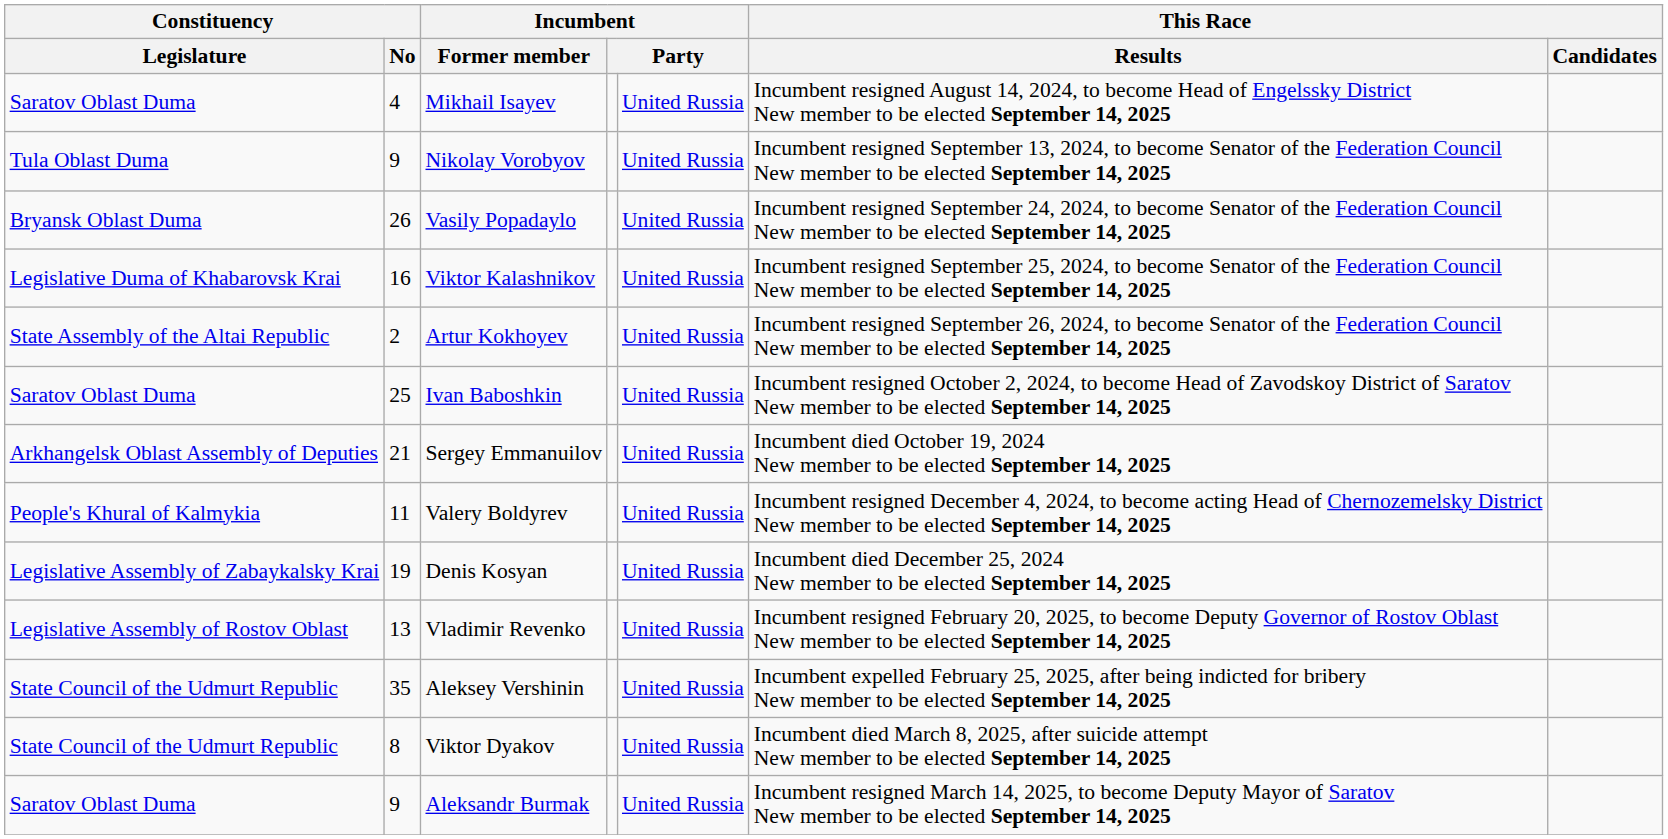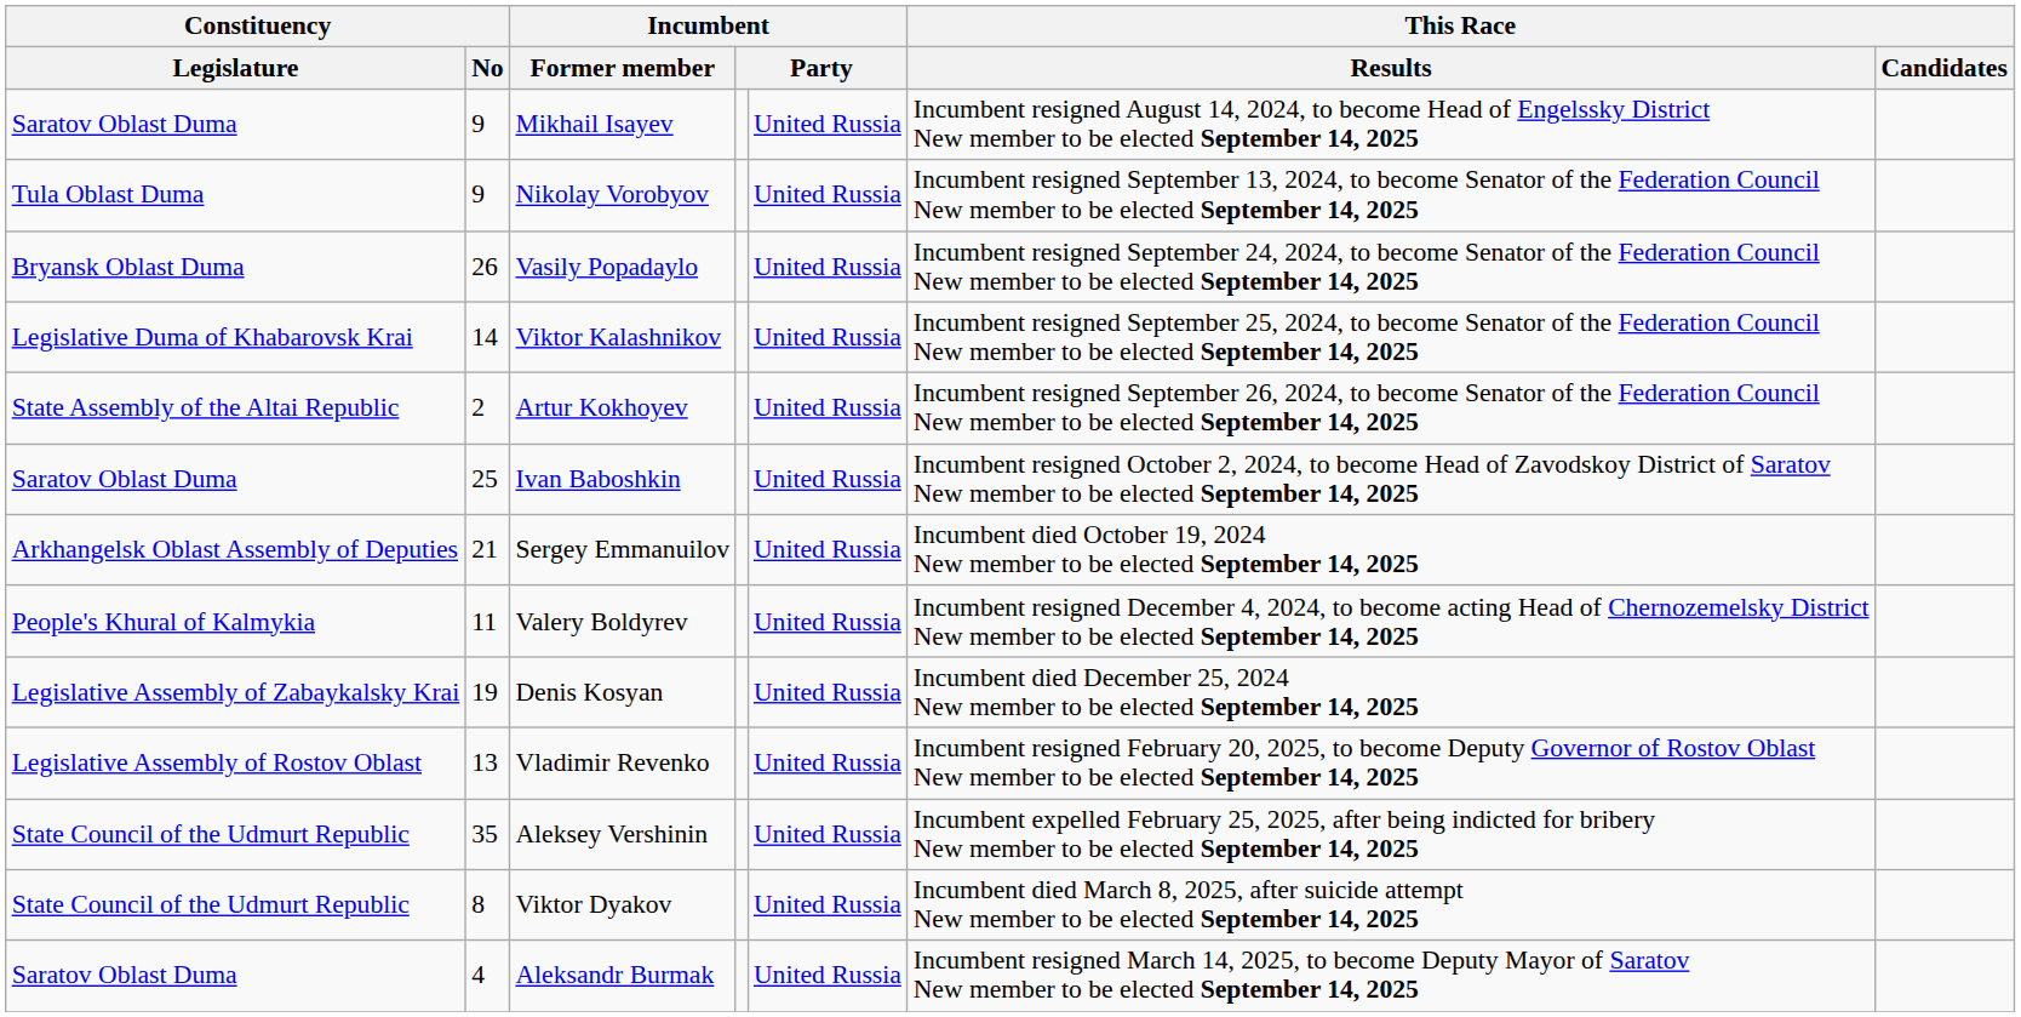 <table class="wikitable">
 <tr>
 <th colspan=2>Constituency</th>
 <th colspan=3>Incumbent</th>
 <th colspan=2>This Race</th>
 </tr>
 <tr>
 <th>Legislature</th>
 <th>No</th>
 <th>Former member</th>
 <th colspan=2>Party</th>
 <th>Results</th>
 <th>Candidates</th>
 </tr>
 <tr>
 <td><a href='#'>Saratov Oblast Duma</a></td>
-<td>4</td>
+<td>9</td>
 <td><a href='#'>Mikhail Isayev</a></td>
 <td style="background-color:"></td>
 <td><a href='#'>United Russia</a></td>
 <td>Incumbent resigned August 14, 2024, to become Head of <a href='#'>Engelssky District</a><br>New member to be elected <strong>September 14, 2025</strong></td>
 <td nowrap></td>
 </tr>
 <tr>
 <td><a href='#'>Tula Oblast Duma</a></td>
 <td>9</td>
 <td><a href='#'>Nikolay Vorobyov</a></td>
 <td style="background-color:"></td>
 <td><a href='#'>United Russia</a></td>
 <td>Incumbent resigned September 13, 2024, to become Senator of the <a href='#'>Federation Council</a><br>New member to be elected <strong>September 14, 2025</strong></td>
 <td nowrap></td>
 </tr>
 <tr>
 <td><a href='#'>Bryansk Oblast Duma</a></td>
 <td>26</td>
 <td><a href='#'>Vasily Popadaylo</a></td>
 <td style="background-color:"></td>
 <td><a href='#'>United Russia</a></td>
 <td>Incumbent resigned September 24, 2024, to become Senator of the <a href='#'>Federation Council</a><br>New member to be elected <strong>September 14, 2025</strong></td>
 <td nowrap></td>
 </tr>
 <tr>
 <td><a href='#'>Legislative Duma of Khabarovsk Krai</a></td>
-<td>16</td>
+<td>14</td>
 <td><a href='#'>Viktor Kalashnikov</a></td>
 <td style="background-color:"></td>
 <td><a href='#'>United Russia</a></td>
 <td>Incumbent resigned September 25, 2024, to become Senator of the <a href='#'>Federation Council</a><br>New member to be elected <strong>September 14, 2025</strong></td>
 <td nowrap></td>
 </tr>
 <tr>
 <td><a href='#'>State Assembly of the Altai Republic</a></td>
 <td>2</td>
 <td><a href='#'>Artur Kokhoyev</a></td>
 <td style="background-color:"></td>
 <td><a href='#'>United Russia</a></td>
 <td>Incumbent resigned September 26, 2024, to become Senator of the <a href='#'>Federation Council</a><br>New member to be elected <strong>September 14, 2025</strong></td>
 <td nowrap></td>
 </tr>
 <tr>
 <td><a href='#'>Saratov Oblast Duma</a></td>
 <td>25</td>
 <td><a href='#'>Ivan Baboshkin</a></td>
 <td style="background-color:"></td>
 <td><a href='#'>United Russia</a></td>
 <td>Incumbent resigned October 2, 2024, to become Head of Zavodskoy District of <a href='#'>Saratov</a><br>New member to be elected <strong>September 14, 2025</strong></td>
 <td nowrap></td>
 </tr>
 <tr>
 <td><a href='#'>Arkhangelsk Oblast Assembly of Deputies</a></td>
 <td>21</td>
 <td>Sergey Emmanuilov</td>
 <td style="background-color:"></td>
 <td><a href='#'>United Russia</a></td>
 <td>Incumbent died October 19, 2024<br>New member to be elected <strong>September 14, 2025</strong></td>
 <td nowrap></td>
 </tr>
 <tr>
 <td><a href='#'>People's Khural of Kalmykia</a></td>
 <td>11</td>
 <td>Valery Boldyrev</td>
 <td style="background-color:"></td>
 <td><a href='#'>United Russia</a></td>
 <td>Incumbent resigned December 4, 2024, to become acting Head of <a href='#'>Chernozemelsky District</a><br>New member to be elected <strong>September 14, 2025</strong></td>
 <td nowrap></td>
 </tr>
 <tr>
 <td><a href='#'>Legislative Assembly of Zabaykalsky Krai</a></td>
 <td>19</td>
 <td>Denis Kosyan</td>
 <td style="background-color:"></td>
 <td><a href='#'>United Russia</a></td>
 <td>Incumbent died December 25, 2024<br>New member to be elected <strong>September 14, 2025</strong></td>
 <td nowrap></td>
 </tr>
 <tr>
 <td><a href='#'>Legislative Assembly of Rostov Oblast</a></td>
 <td>13</td>
 <td>Vladimir Revenko</td>
 <td style="background-color:"></td>
 <td><a href='#'>United Russia</a></td>
 <td>Incumbent resigned February 20, 2025, to become Deputy <a href='#'>Governor of Rostov Oblast</a><br>New member to be elected <strong>September 14, 2025</strong></td>
 <td nowrap></td>
 </tr>
 <tr>
 <td><a href='#'>State Council of the Udmurt Republic</a></td>
 <td>35</td>
 <td>Aleksey Vershinin</td>
 <td style="background-color:"></td>
 <td><a href='#'>United Russia</a></td>
 <td>Incumbent expelled February 25, 2025, after being indicted for bribery<br>New member to be elected <strong>September 14, 2025</strong></td>
 <td nowrap></td>
 </tr>
 <tr>
 <td><a href='#'>State Council of the Udmurt Republic</a></td>
 <td>8</td>
 <td>Viktor Dyakov</td>
 <td style="background-color:"></td>
 <td><a href='#'>United Russia</a></td>
 <td>Incumbent died March 8, 2025, after suicide attempt<br>New member to be elected <strong>September 14, 2025</strong></td>
 <td nowrap></td>
 </tr>
 <tr>
 <td><a href='#'>Saratov Oblast Duma</a></td>
-<td>9</td>
+<td>4</td>
 <td><a href='#'>Aleksandr Burmak</a></td>
 <td style="background-color:"></td>
 <td><a href='#'>United Russia</a></td>
 <td>Incumbent resigned March 14, 2025, to become Deputy Mayor of <a href='#'>Saratov</a><br>New member to be elected <strong>September 14, 2025</strong></td>
 <td nowrap></td>
 </tr>
 </table>
